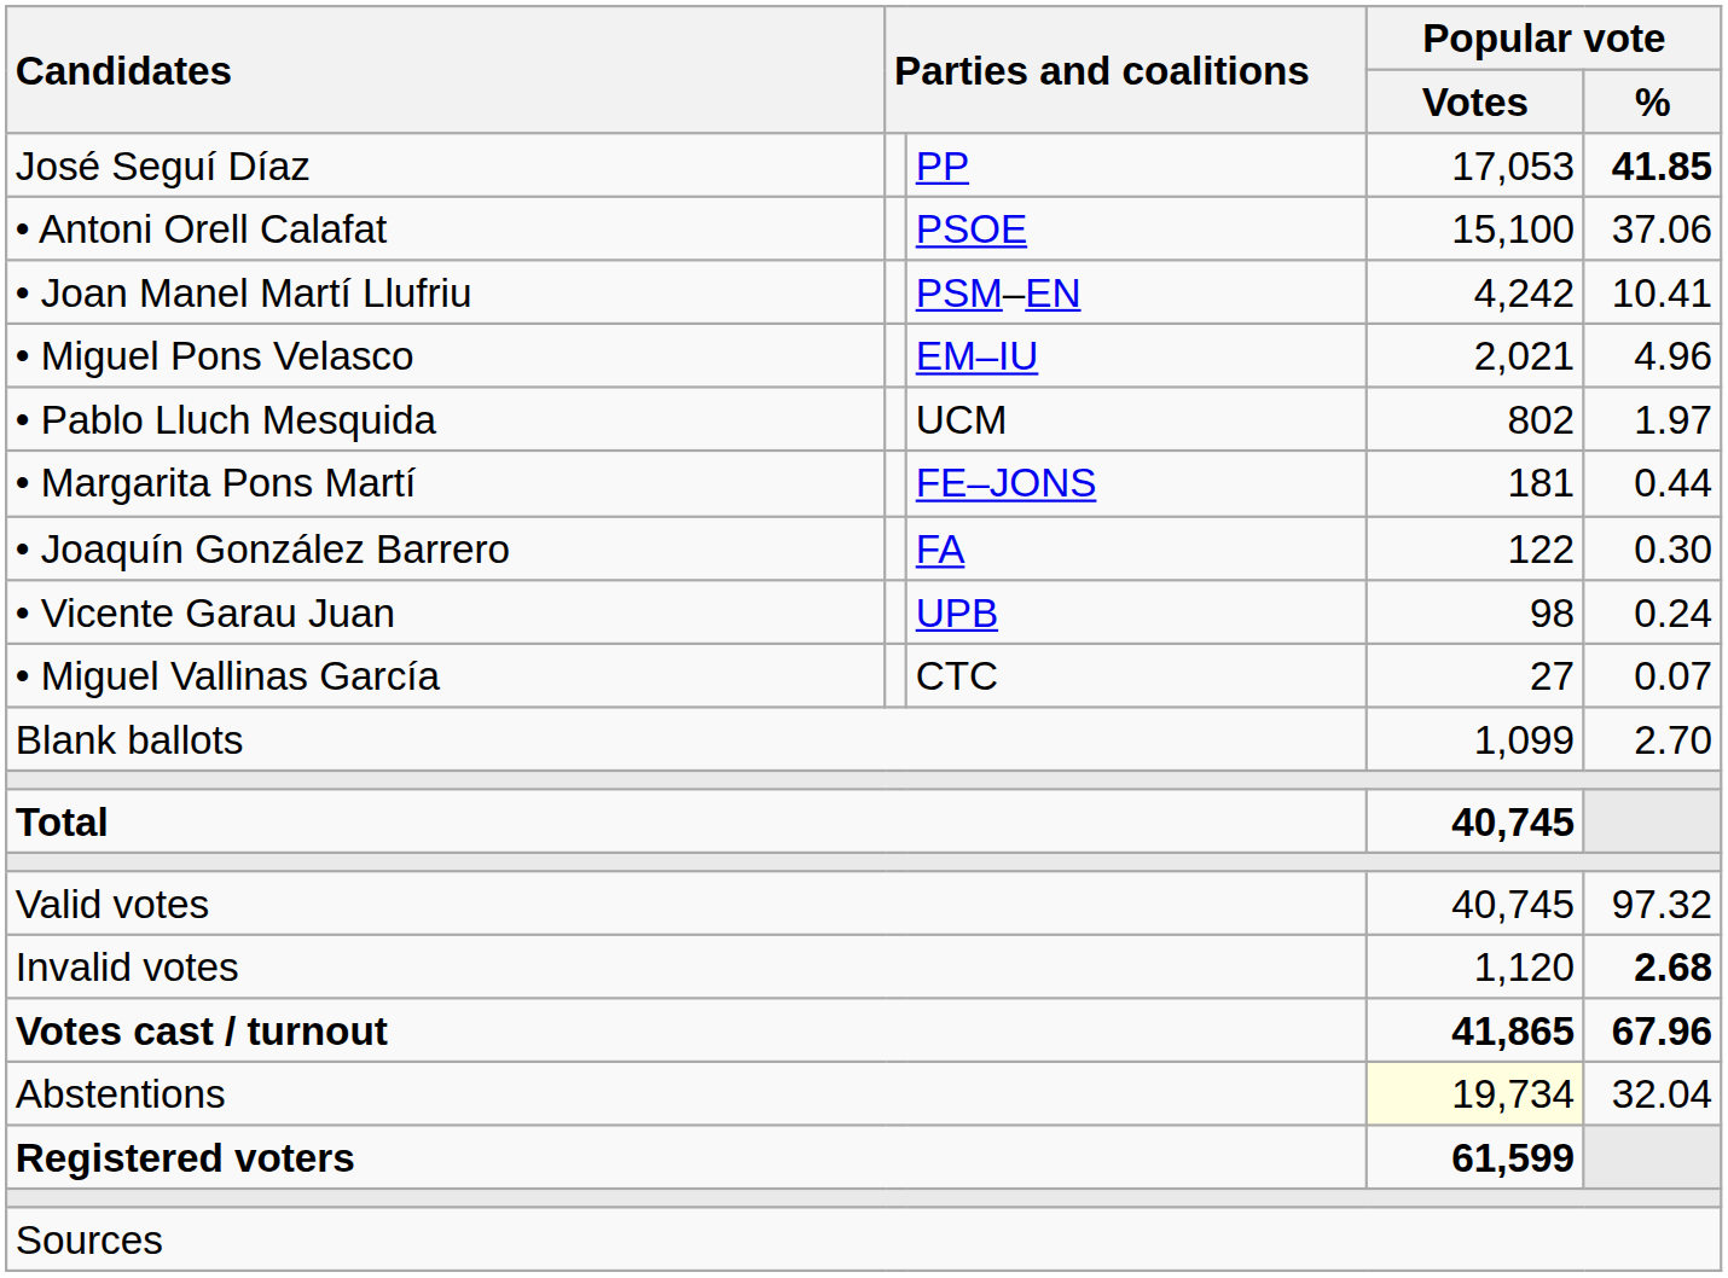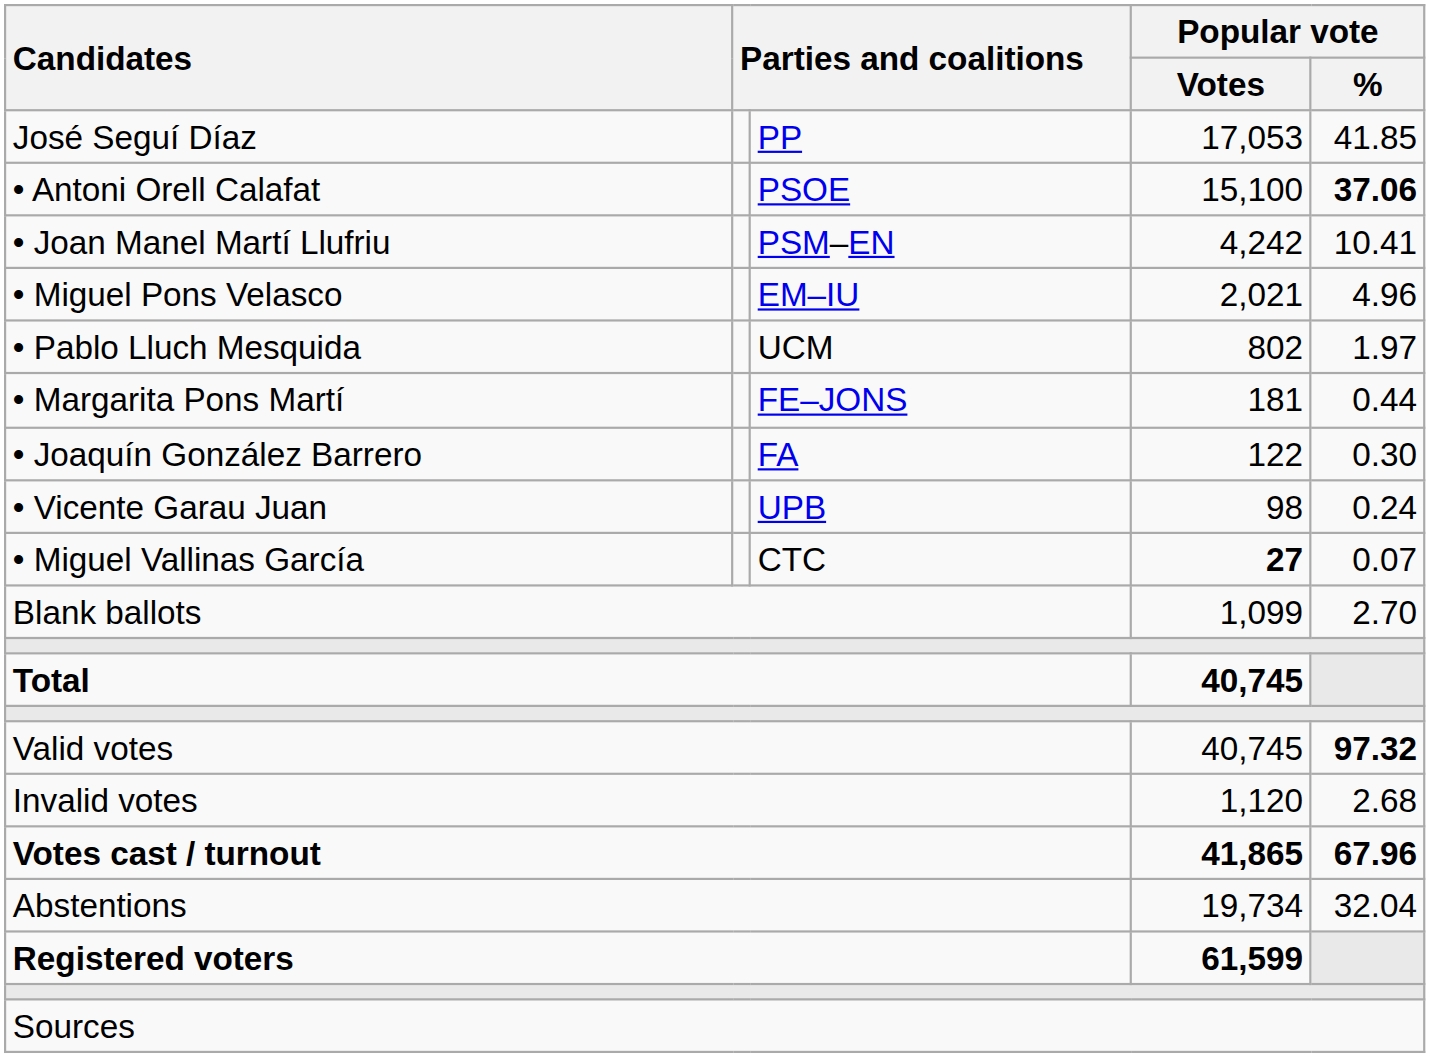 <table class="wikitable" style="text-align:right; font-size:95%;">
 <tr>
 <th style="text-align:left;" rowspan="2" width="325">Candidates</th>
 <th style="text-align:left;" rowspan="2" colspan="2" width="175">Parties and coalitions</th>
 <th colspan="2">Popular vote</th>
 </tr>
 <tr>
 <th width="75">Votes</th>
 <th width="45">%</th>
 </tr>
 <tr>
 <td align="left"> José Seguí Díaz</td>
 <td width="1" style="color:inherit;background:"></td>
 <td align="left"><a href='#'>PP</a></td>
 <td>17,053</td>
-<td><strong>41.85</strong></td>
+<td>41.85</td>
 </tr>
 <tr>
 <td align="left">• Antoni Orell Calafat</td>
 <td style="color:inherit;background:"></td>
 <td align="left"><a href='#'>PSOE</a></td>
 <td>15,100</td>
-<td>37.06</td>
+<td><strong>37.06</strong></td>
 </tr>
 <tr>
 <td align="left">• Joan Manel Martí Llufriu</td>
 <td style="color:inherit;background:"></td>
 <td align="left"><a href='#'>PSM</a>–<a href='#'>EN</a></td>
 <td>4,242</td>
 <td>10.41</td>
 </tr>
 <tr>
 <td align="left">• Miguel Pons Velasco</td>
 <td style="color:inherit;background:"></td>
 <td align="left"><a href='#'>EM–IU</a></td>
 <td>2,021</td>
 <td>4.96</td>
 </tr>
 <tr>
 <td align="left">• Pablo Lluch Mesquida</td>
 <td style="color:inherit;background:"></td>
 <td align="left">UCM</td>
 <td>802</td>
 <td>1.97</td>
 </tr>
 <tr>
 <td align="left">• Margarita Pons Martí</td>
 <td style="color:inherit;background:"></td>
 <td align="left"><a href='#'>FE–JONS</a></td>
 <td>181</td>
 <td>0.44</td>
 </tr>
 <tr>
 <td align="left">• Joaquín González Barrero</td>
 <td style="color:inherit;background:"></td>
 <td align="left"><a href='#'>FA</a></td>
 <td>122</td>
 <td>0.30</td>
 </tr>
 <tr>
 <td align="left">• Vicente Garau Juan</td>
 <td style="color:inherit;background:"></td>
 <td align="left"><a href='#'>UPB</a></td>
 <td>98</td>
 <td>0.24</td>
 </tr>
 <tr>
 <td align="left">• Miguel Vallinas García</td>
 <td style="color:inherit;background:"></td>
 <td align="left">CTC</td>
-<td>27</td>
+<td><strong>27</strong></td>
 <td>0.07</td>
 </tr>
 <tr>
 <td align="left" colspan="3">Blank ballots</td>
 <td>1,099</td>
 <td>2.70</td>
 </tr>
 <tr>
 <td colspan="5" bgcolor="#E9E9E9"></td>
 </tr>
 <tr style="font-weight:bold;">
 <td align="left" colspan="3">Total</td>
 <td>40,745</td>
 <td bgcolor="#E9E9E9"></td>
 </tr>
 <tr>
 <td colspan="5" bgcolor="#E9E9E9"></td>
 </tr>
 <tr>
 <td align="left" colspan="3">Valid votes</td>
 <td>40,745</td>
-<td>97.32</td>
+<td><strong>97.32</strong></td>
 </tr>
 <tr>
 <td align="left" colspan="3">Invalid votes</td>
 <td>1,120</td>
-<td><strong>2.68</strong></td>
+<td>2.68</td>
 </tr>
 <tr style="font-weight:bold;">
 <td align="left" colspan="3">Votes cast / turnout</td>
 <td>41,865</td>
 <td>67.96</td>
 </tr>
 <tr>
 <td align="left" colspan="3">Abstentions</td>
-<td style="background: lightyellow;">19,734</td>
+<td>19,734</td>
 <td>32.04</td>
 </tr>
 <tr style="font-weight:bold;">
 <td align="left" colspan="3">Registered voters</td>
 <td>61,599</td>
 <td bgcolor="#E9E9E9"></td>
 </tr>
 <tr>
 <td colspan="5" bgcolor="#E9E9E9"></td>
 </tr>
 <tr>
 <td align="left" colspan="5">Sources</td>
 </tr>
 </table>
